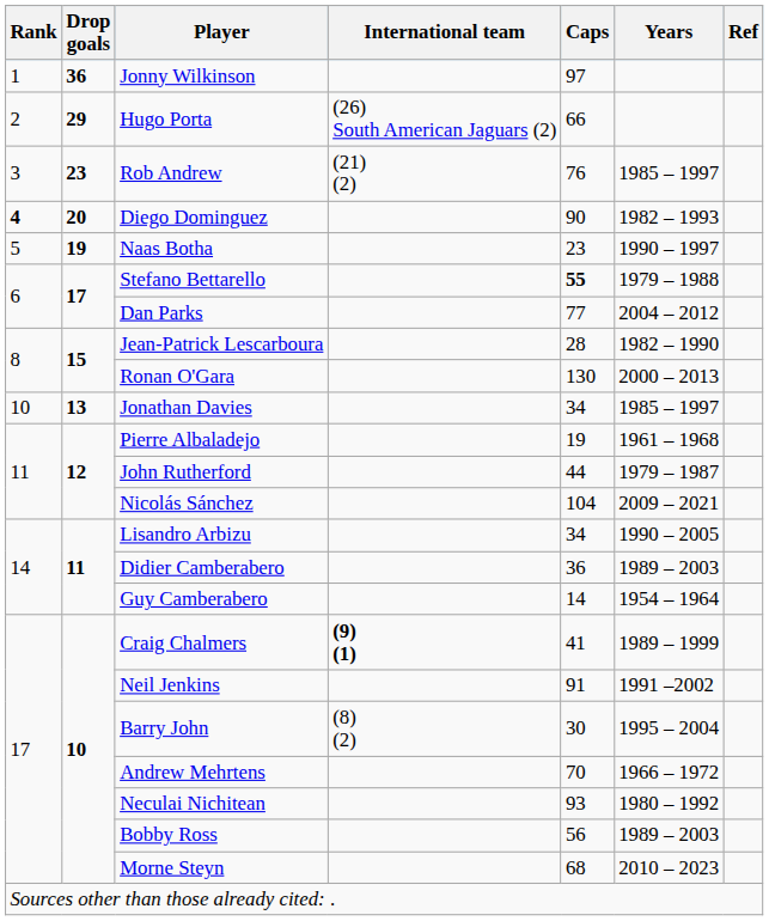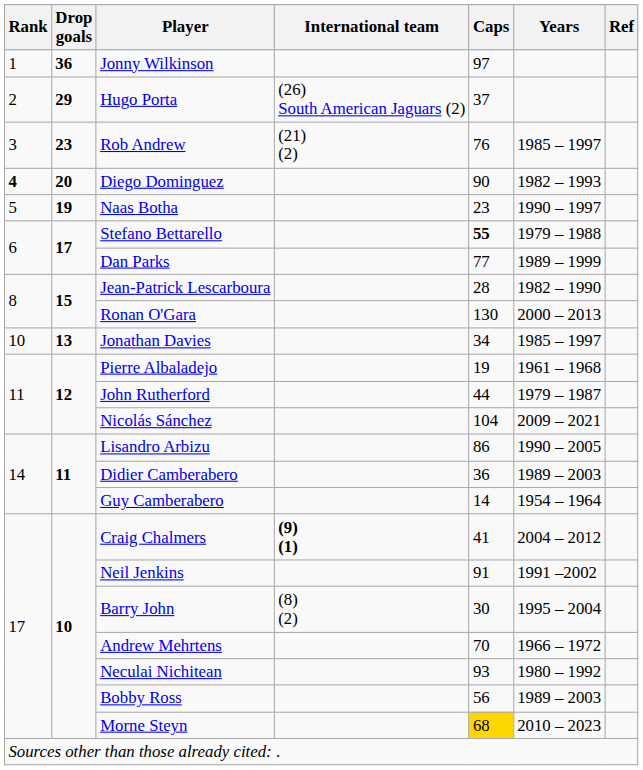 <table class="wikitable sortable">
 <tr bgcolor=#87cefa>
 <th>Rank</th>
 <th>Drop <br> goals</th>
 <th>Player</th>
 <th>International team</th>
 <th>Caps</th>
 <th>Years</th>
 <th>Ref</th>
 </tr>
 <tr>
 <td>1</td>
 <td><strong>36</strong></td>
 <td><a href='#'>Jonny Wilkinson</a></td>
 <td></td>
 <td>97</td>
 <td></td>
 <td></td>
 </tr>
 <tr>
 <td>2</td>
 <td><strong>29</strong></td>
 <td><a href='#'>Hugo Porta</a></td>
 <td> (26)<br> <a href='#'>South American Jaguars</a> (2)</td>
-<td>66</td>
+<td>37</td>
 <td></td>
 <td></td>
 </tr>
 <tr>
 <td>3</td>
 <td><strong>23</strong></td>
 <td><a href='#'>Rob Andrew</a></td>
 <td> (21)<br>  (2)</td>
 <td>76</td>
 <td>1985 – 1997</td>
 <td></td>
 </tr>
 <tr>
 <td><strong>4</strong></td>
 <td><strong>20</strong></td>
 <td><a href='#'>Diego Dominguez</a></td>
 <td></td>
 <td>90</td>
 <td>1982 – 1993</td>
 <td></td>
 </tr>
 <tr>
 <td>5</td>
 <td><strong>19</strong></td>
 <td><a href='#'>Naas Botha</a></td>
 <td></td>
 <td>23</td>
 <td>1990 – 1997</td>
 <td></td>
 </tr>
 <tr>
 <td rowspan="2">6</td>
 <td rowspan="2"><strong>17</strong></td>
 <td><a href='#'>Stefano Bettarello</a></td>
 <td></td>
 <td><strong>55</strong></td>
 <td>1979 – 1988</td>
 <td></td>
 </tr>
 <tr>
 <td><a href='#'>Dan Parks</a></td>
 <td></td>
 <td>77</td>
-<td>2004 – 2012</td>
+<td>1989 – 1999</td>
 <td></td>
 </tr>
 <tr>
 <td rowspan="2">8</td>
 <td rowspan="2"><strong>15</strong></td>
 <td><a href='#'>Jean-Patrick Lescarboura</a></td>
 <td></td>
 <td>28</td>
 <td>1982 – 1990</td>
 <td></td>
 </tr>
 <tr>
 <td><a href='#'>Ronan O'Gara</a></td>
 <td></td>
 <td>130</td>
 <td>2000 – 2013</td>
 <td></td>
 </tr>
 <tr>
 <td>10</td>
 <td><strong>13</strong></td>
 <td><a href='#'>Jonathan Davies</a></td>
 <td></td>
 <td>34</td>
 <td>1985 – 1997</td>
 <td></td>
 </tr>
 <tr>
 <td rowspan="3">11</td>
 <td rowspan="3"><strong>12</strong></td>
 <td><a href='#'>Pierre Albaladejo</a></td>
 <td></td>
 <td>19</td>
 <td>1961 – 1968</td>
 <td></td>
 </tr>
 <tr>
 <td><a href='#'>John Rutherford</a></td>
 <td></td>
 <td>44</td>
 <td>1979 – 1987</td>
 <td></td>
 </tr>
 <tr>
 <td><a href='#'>Nicolás Sánchez</a></td>
 <td></td>
 <td>104</td>
 <td>2009 – 2021</td>
 <td></td>
 </tr>
 <tr>
 <td rowspan="3">14</td>
 <td rowspan="3"><strong>11</strong></td>
 <td><a href='#'>Lisandro Arbizu</a></td>
 <td></td>
-<td>34</td>
+<td>86</td>
 <td>1990 – 2005</td>
 <td></td>
 </tr>
 <tr>
 <td><a href='#'>Didier Camberabero</a></td>
 <td></td>
 <td>36</td>
 <td>1989 – 2003</td>
 <td></td>
 </tr>
 <tr>
 <td><a href='#'>Guy Camberabero</a></td>
 <td></td>
 <td>14</td>
 <td>1954 – 1964</td>
 <td></td>
 </tr>
 <tr>
 <td rowspan="7">17</td>
 <td rowspan="7"><strong>10</strong></td>
 <td><a href='#'>Craig Chalmers</a></td>
 <td><strong> (9)<br> (1)</strong></td>
 <td>41</td>
-<td>1989 – 1999</td>
+<td>2004 – 2012</td>
 <td></td>
 </tr>
 <tr>
 <td><a href='#'>Neil Jenkins</a></td>
 <td></td>
 <td>91</td>
 <td>1991 –2002</td>
 <td></td>
 </tr>
 <tr>
 <td><a href='#'>Barry John</a></td>
 <td> (8)<br> (2)</td>
 <td>30</td>
 <td>1995 – 2004</td>
 <td></td>
 </tr>
 <tr>
 <td><a href='#'>Andrew Mehrtens</a></td>
 <td></td>
 <td>70</td>
 <td>1966 – 1972</td>
 <td></td>
 </tr>
 <tr>
 <td><a href='#'>Neculai Nichitean</a></td>
 <td></td>
 <td>93</td>
 <td>1980 – 1992</td>
 <td></td>
 </tr>
 <tr>
 <td><a href='#'>Bobby Ross</a></td>
 <td></td>
 <td>56</td>
 <td>1989 – 2003</td>
 <td></td>
 </tr>
 <tr>
 <td><a href='#'>Morne Steyn</a></td>
 <td></td>
-<td>68</td>
+<td style="background: gold;">68</td>
 <td>2010 – 2023</td>
 <td></td>
 </tr>
 <tr>
 <td colspan=7><em>Sources other than those already cited: </em>.</td>
 </tr>
 </table>
